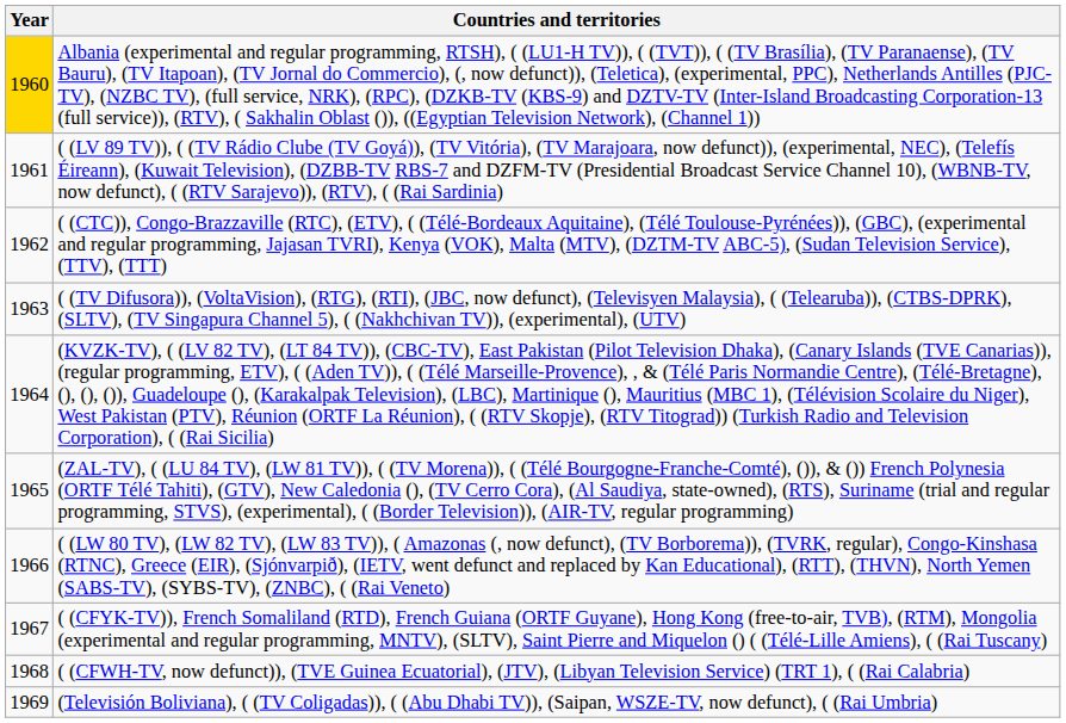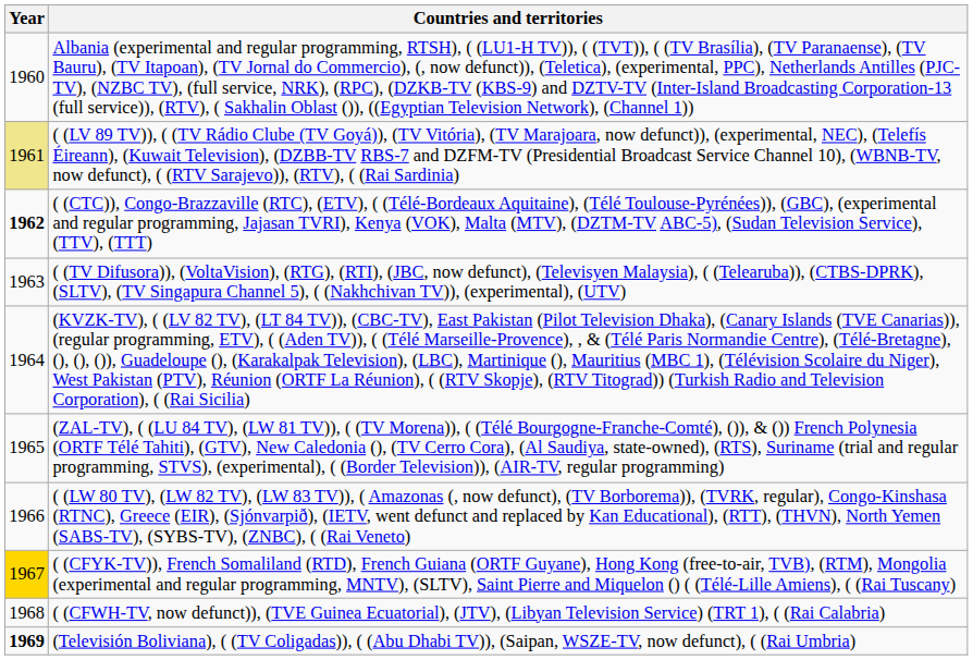 <table class="wikitable">
 <tr>
 <th>Year</th>
 <th>Countries and territories</th>
 </tr>
 <tr>
-<td style="background: gold;">1960</td>
+<td>1960</td>
 <td> <a href='#'>Albania</a> (experimental and regular programming, <a href='#'>RTSH</a>),  ( (<a href='#'>LU1-H TV</a>)),  ( (<a href='#'>TVT</a>)),  ( (<a href='#'>TV Brasília</a>),  (<a href='#'>TV Paranaense</a>),  (<a href='#'>TV Bauru</a>),  (<a href='#'>TV Itapoan</a>),  (<a href='#'>TV Jornal do Commercio</a>),  (, now defunct)),  (<a href='#'>Teletica</a>),  (experimental, <a href='#'>PPC</a>),  <a href='#'>Netherlands Antilles</a> (<a href='#'>PJC-TV</a>),  (<a href='#'>NZBC TV</a>),  (full service, <a href='#'>NRK</a>),  (<a href='#'>RPC</a>),  (<a href='#'>DZKB-TV</a> (<a href='#'>KBS-9</a>) and <a href='#'>DZTV-TV</a> (<a href='#'>Inter-Island Broadcasting Corporation-13</a> (full service)),  (<a href='#'>RTV</a>),  ( <a href='#'>Sakhalin Oblast</a> ()),  ((<a href='#'>Egyptian Television Network</a>),  (<a href='#'>Channel 1</a>))</td>
 </tr>
 <tr>
-<td>1961</td>
+<td style="background: khaki;">1961</td>
 <td> ( (<a href='#'>LV 89 TV</a>)),  ( (<a href='#'>TV Rádio Clube (TV Goyá)</a>),  (<a href='#'>TV Vitória</a>),  (<a href='#'>TV Marajoara</a>, now defunct)),  (experimental, <a href='#'>NEC</a>),  (<a href='#'>Telefís Éireann</a>),  (<a href='#'>Kuwait Television</a>),  (<a href='#'>DZBB-TV</a> <a href='#'>RBS-7</a> and DZFM-TV (Presidential Broadcast Service Channel 10),  (<a href='#'>WBNB-TV</a>, now defunct),  ( (<a href='#'>RTV Sarajevo</a>)),  (<a href='#'>RTV</a>),  ( (<a href='#'>Rai Sardinia</a>)</td>
 </tr>
 <tr>
-<td>1962</td>
+<td><strong>1962</strong></td>
 <td> ( (<a href='#'>CTC</a>)),  <a href='#'>Congo-Brazzaville</a> (<a href='#'>RTC</a>),  (<a href='#'>ETV</a>),  ( (<a href='#'>Télé-Bordeaux Aquitaine</a>),  (<a href='#'>Télé Toulouse-Pyrénées</a>)),  (<a href='#'>GBC</a>),  (experimental and regular programming, <a href='#'>Jajasan TVRI</a>),  <a href='#'>Kenya</a> (<a href='#'>VOK</a>),  <a href='#'>Malta</a> (<a href='#'>MTV</a>),  (<a href='#'>DZTM-TV</a> <a href='#'>ABC-5)</a>,  (<a href='#'>Sudan Television Service</a>),  (<a href='#'>TTV</a>),  (<a href='#'>TTT</a>)</td>
 </tr>
 <tr>
 <td>1963</td>
 <td> ( (<a href='#'>TV Difusora</a>)),  (<a href='#'>VoltaVision</a>),  (<a href='#'>RTG</a>),  (<a href='#'>RTI</a>),  (<a href='#'>JBC</a>, now defunct),  (<a href='#'>Televisyen Malaysia</a>),  ( (<a href='#'>Telearuba</a>)),  (<a href='#'>CTBS-DPRK</a>),  (<a href='#'>SLTV</a>),  (<a href='#'>TV Singapura Channel 5</a>),  ( (<a href='#'>Nakhchivan TV</a>)),  (experimental),  (<a href='#'>UTV</a>)</td>
 </tr>
 <tr>
 <td>1964</td>
 <td> (<a href='#'>KVZK-TV</a>),  ( (<a href='#'>LV 82 TV</a>),  (<a href='#'>LT 84 TV</a>)),  (<a href='#'>CBC-TV</a>),  <a href='#'>East Pakistan</a> (<a href='#'>Pilot Television Dhaka</a>),  (<a href='#'>Canary Islands</a> (<a href='#'>TVE Canarias</a>)),  (regular programming, <a href='#'>ETV</a>),  ( (<a href='#'>Aden TV</a>)),  ( (<a href='#'>Télé Marseille-Provence</a>), ,  &  (<a href='#'>Télé Paris Normandie Centre</a>),  (<a href='#'>Télé-Bretagne</a>),  (),  (),  ()),  <a href='#'>Guadeloupe</a> (),  (<a href='#'>Karakalpak Television</a>),  (<a href='#'>LBC</a>),  <a href='#'>Martinique</a> (),  <a href='#'>Mauritius</a> (<a href='#'>MBC 1</a>),  (<a href='#'>Télévision Scolaire du Niger</a>),  <a href='#'>West Pakistan</a> (<a href='#'>PTV</a>),  <a href='#'>Réunion</a> (<a href='#'>ORTF La Réunion</a>),  ( (<a href='#'>RTV Skopje</a>),  (<a href='#'>RTV Titograd</a>))  (<a href='#'>Turkish Radio and Television Corporation</a>),  ( (<a href='#'>Rai Sicilia</a>)</td>
 </tr>
 <tr>
 <td>1965</td>
 <td> (<a href='#'>ZAL-TV</a>),  ( (<a href='#'>LU 84 TV</a>),  (<a href='#'>LW 81 TV</a>)),  ( (<a href='#'>TV Morena</a>)),  ( (<a href='#'>Télé Bourgogne-Franche-Comté</a>),  ()),  &  ())  <a href='#'>French Polynesia</a> (<a href='#'>ORTF Télé Tahiti</a>),  (<a href='#'>GTV</a>),  <a href='#'>New Caledonia</a> (),  (<a href='#'>TV Cerro Cora</a>),  (<a href='#'>Al Saudiya</a>, state-owned),  (<a href='#'>RTS</a>),  <a href='#'>Suriname</a> (trial and regular programming, <a href='#'>STVS</a>),  (experimental),  ( (<a href='#'>Border Television</a>)),  (<a href='#'>AIR-TV</a>, regular programming)</td>
 </tr>
 <tr>
 <td>1966</td>
 <td> ( (<a href='#'>LW 80 TV</a>),  (<a href='#'>LW 82 TV</a>),  (<a href='#'>LW 83 TV</a>)),  ( <a href='#'>Amazonas</a> (, now defunct),  (<a href='#'>TV Borborema</a>)),  (<a href='#'>TVRK</a>, regular),  <a href='#'>Congo-Kinshasa</a> (<a href='#'>RTNC</a>),  <a href='#'>Greece</a> (<a href='#'>EIR</a>),  (<a href='#'>Sjónvarpið</a>),  (<a href='#'>IETV</a>, went defunct and replaced by <a href='#'>Kan Educational</a>),  (<a href='#'>RTT</a>),  (<a href='#'>THVN</a>),  <a href='#'>North Yemen</a> (<a href='#'>SABS-TV</a>),  (SYBS-TV),  (<a href='#'>ZNBC</a>),  ( (<a href='#'>Rai Veneto</a>)</td>
 </tr>
 <tr>
-<td>1967</td>
+<td style="background: gold;">1967</td>
 <td> ( (<a href='#'>CFYK-TV</a>)),  <a href='#'>French Somaliland</a> (<a href='#'>RTD</a>),  <a href='#'>French Guiana</a> (<a href='#'>ORTF Guyane</a>),  <a href='#'>Hong Kong</a> (free-to-air, <a href='#'>TVB)</a>,  (<a href='#'>RTM</a>),  <a href='#'>Mongolia</a> (experimental and regular programming, <a href='#'>MNTV</a>),  (SLTV),  <a href='#'>Saint Pierre and Miquelon</a> ()  ( (<a href='#'>Télé-Lille Amiens</a>),  ( (<a href='#'>Rai Tuscany</a>)</td>
 </tr>
 <tr>
 <td>1968</td>
 <td> ( (<a href='#'>CFWH-TV</a>, now defunct)),  (<a href='#'>TVE Guinea Ecuatorial</a>),  (<a href='#'>JTV</a>),  (<a href='#'>Libyan Television Service</a>)  (<a href='#'>TRT 1</a>),  ( (<a href='#'>Rai Calabria</a>)</td>
 </tr>
 <tr>
-<td>1969</td>
+<td><strong>1969</strong></td>
 <td> (<a href='#'>Televisión Boliviana</a>),  ( (<a href='#'>TV Coligadas</a>)),  ( (<a href='#'>Abu Dhabi TV</a>)),  (Saipan, <a href='#'>WSZE-TV</a>, now defunct),  ( (<a href='#'>Rai Umbria</a>)</td>
 </tr>
 </table>
